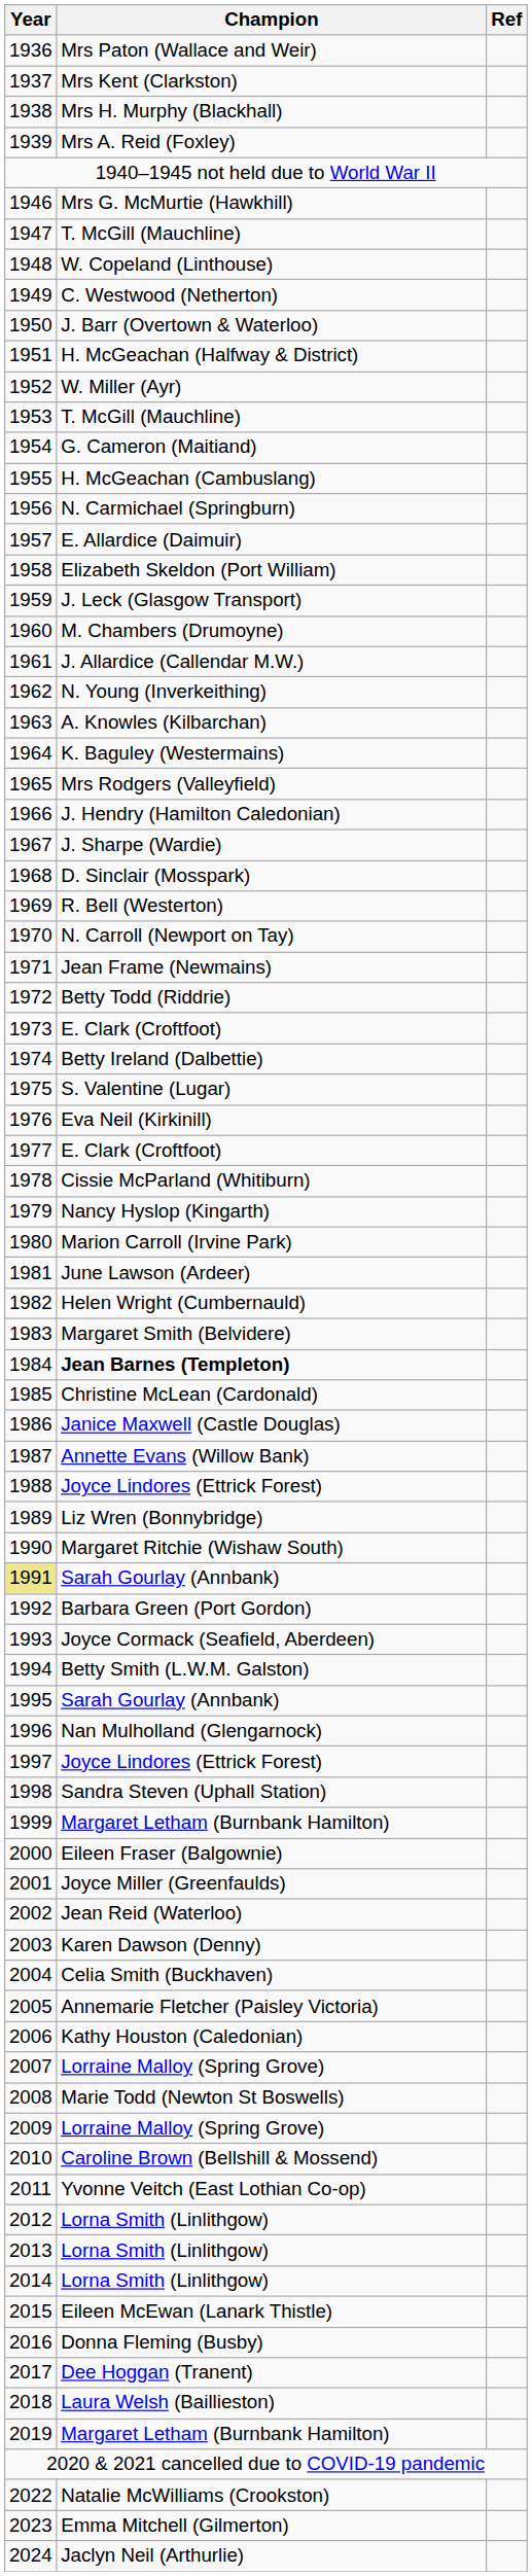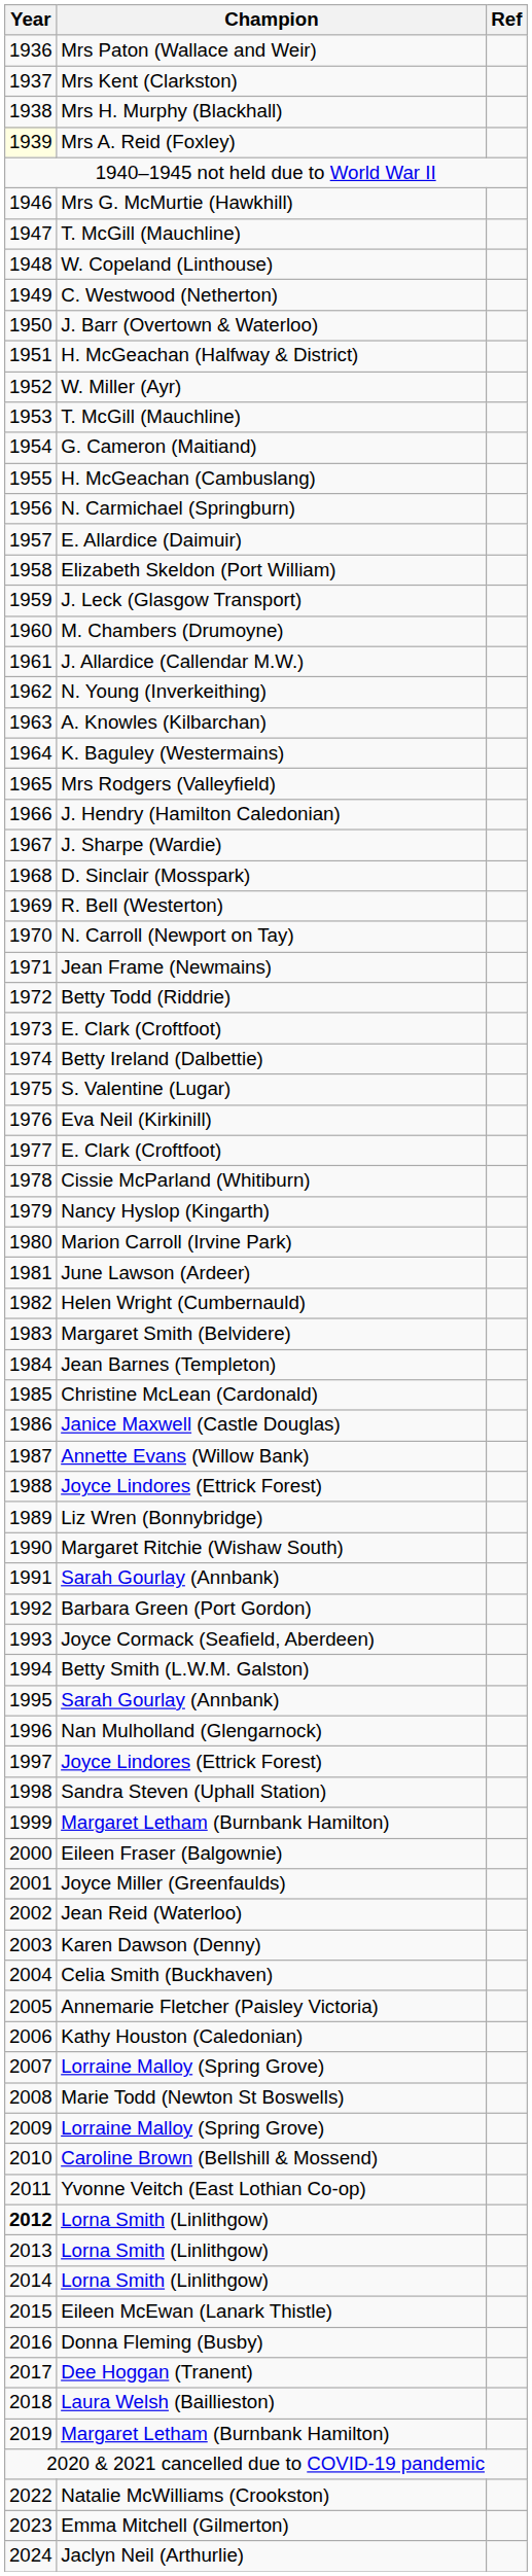 <table class="wikitable">
 <tr>
 <th width="30">Year</th>
 <th width="350">Champion</th>
 <th width="20">Ref</th>
 </tr>
 <tr>
 <td align=center>1936</td>
 <td>Mrs Paton (Wallace and Weir)</td>
 <td></td>
 </tr>
 <tr>
 <td align=center>1937</td>
 <td>Mrs Kent (Clarkston)</td>
 <td></td>
 </tr>
 <tr>
 <td align=center>1938</td>
 <td>Mrs H. Murphy (Blackhall)</td>
 <td></td>
 </tr>
 <tr>
-<td align=center>1939</td>
+<td align=center style="background: lightyellow;">1939</td>
 <td>Mrs A. Reid (Foxley)</td>
 <td></td>
 </tr>
 <tr align=center>
 <td colspan=3>1940–1945 not held due to <a href='#'>World War II</a></td>
 </tr>
 <tr>
 <td align=center>1946</td>
 <td>Mrs G. McMurtie (Hawkhill)</td>
 <td></td>
 </tr>
 <tr>
 <td align=center>1947</td>
 <td>T. McGill (Mauchline)</td>
 <td></td>
 </tr>
 <tr>
 <td align=center>1948</td>
 <td>W. Copeland (Linthouse)</td>
 <td></td>
 </tr>
 <tr>
 <td align=center>1949</td>
 <td>C. Westwood (Netherton)</td>
 <td></td>
 </tr>
 <tr>
 <td align=center>1950</td>
 <td>J. Barr (Overtown & Waterloo)</td>
 <td></td>
 </tr>
 <tr>
 <td align=center>1951</td>
 <td>H. McGeachan (Halfway & District)</td>
 <td></td>
 </tr>
 <tr>
 <td align=center>1952</td>
 <td>W. Miller (Ayr)</td>
 <td></td>
 </tr>
 <tr>
 <td align=center>1953</td>
 <td>T. McGill (Mauchline)</td>
 <td></td>
 </tr>
 <tr>
 <td align=center>1954</td>
 <td>G. Cameron (Maitiand)</td>
 <td></td>
 </tr>
 <tr>
 <td align=center>1955</td>
 <td>H. McGeachan (Cambuslang)</td>
 <td></td>
 </tr>
 <tr>
 <td align=center>1956</td>
 <td>N. Carmichael (Springburn)</td>
 <td></td>
 </tr>
 <tr>
 <td align=center>1957</td>
 <td>E. Allardice (Daimuir)</td>
 <td></td>
 </tr>
 <tr>
 <td align=center>1958</td>
 <td>Elizabeth Skeldon (Port William)</td>
 <td></td>
 </tr>
 <tr>
 <td align=center>1959</td>
 <td>J. Leck (Glasgow Transport)</td>
 <td></td>
 </tr>
 <tr>
 <td align=center>1960</td>
 <td>M. Chambers (Drumoyne)</td>
 <td></td>
 </tr>
 <tr>
 <td align=center>1961</td>
 <td>J. Allardice (Callendar M.W.)</td>
 <td></td>
 </tr>
 <tr>
 <td align=center>1962</td>
 <td>N. Young (Inverkeithing)</td>
 <td></td>
 </tr>
 <tr>
 <td align=center>1963</td>
 <td>A. Knowles (Kilbarchan)</td>
 <td></td>
 </tr>
 <tr>
 <td align=center>1964</td>
 <td>K. Baguley (Westermains)</td>
 <td></td>
 </tr>
 <tr>
 <td align=center>1965</td>
 <td>Mrs Rodgers (Valleyfield)</td>
 <td></td>
 </tr>
 <tr>
 <td align=center>1966</td>
 <td>J. Hendry (Hamilton Caledonian)</td>
 <td></td>
 </tr>
 <tr>
 <td align=center>1967</td>
 <td>J. Sharpe (Wardie)</td>
 <td></td>
 </tr>
 <tr>
 <td align=center>1968</td>
 <td>D. Sinclair (Mosspark)</td>
 <td></td>
 </tr>
 <tr>
 <td align=center>1969</td>
 <td>R. Bell (Westerton)</td>
 <td></td>
 </tr>
 <tr>
 <td align=center>1970</td>
 <td>N. Carroll (Newport on Tay)</td>
 <td></td>
 </tr>
 <tr>
 <td align=center>1971</td>
 <td>Jean Frame (Newmains)</td>
 <td></td>
 </tr>
 <tr>
 <td align=center>1972</td>
 <td>Betty Todd (Riddrie)</td>
 <td></td>
 </tr>
 <tr>
 <td align=center>1973</td>
 <td>E. Clark (Croftfoot)</td>
 <td></td>
 </tr>
 <tr>
 <td align=center>1974</td>
 <td>Betty Ireland (Dalbettie)</td>
 <td></td>
 </tr>
 <tr>
 <td align=center>1975</td>
 <td>S. Valentine (Lugar)</td>
 <td></td>
 </tr>
 <tr>
 <td align=center>1976</td>
 <td>Eva Neil (Kirkinill)</td>
 <td></td>
 </tr>
 <tr>
 <td align=center>1977</td>
 <td>E. Clark (Croftfoot)</td>
 <td></td>
 </tr>
 <tr>
 <td align=center>1978</td>
 <td>Cissie McParland (Whitiburn)</td>
 <td></td>
 </tr>
 <tr>
 <td align=center>1979</td>
 <td>Nancy Hyslop (Kingarth)</td>
 <td></td>
 </tr>
 <tr>
 <td align=center>1980</td>
 <td>Marion Carroll (Irvine Park)</td>
 <td></td>
 </tr>
 <tr>
 <td align=center>1981</td>
 <td>June Lawson (Ardeer)</td>
 <td></td>
 </tr>
 <tr>
 <td align=center>1982</td>
 <td>Helen Wright (Cumbernauld)</td>
 <td></td>
 </tr>
 <tr>
 <td align=center>1983</td>
 <td>Margaret Smith (Belvidere)</td>
 <td></td>
 </tr>
 <tr>
 <td align=center>1984</td>
-<td><strong>Jean Barnes (Templeton)</strong></td>
+<td>Jean Barnes (Templeton)</td>
 <td></td>
 </tr>
 <tr>
 <td align=center>1985</td>
 <td>Christine McLean (Cardonald)</td>
 <td></td>
 </tr>
 <tr>
 <td align=center>1986</td>
 <td><a href='#'>Janice Maxwell</a> (Castle Douglas)</td>
 <td></td>
 </tr>
 <tr>
 <td align=center>1987</td>
 <td><a href='#'>Annette Evans</a> (Willow Bank)</td>
 <td></td>
 </tr>
 <tr>
 <td align=center>1988</td>
 <td><a href='#'>Joyce Lindores</a> (Ettrick Forest)</td>
 <td></td>
 </tr>
 <tr>
 <td align=center>1989</td>
 <td>Liz Wren (Bonnybridge)</td>
 <td></td>
 </tr>
 <tr>
 <td align=center>1990</td>
 <td>Margaret Ritchie (Wishaw South)</td>
 <td></td>
 </tr>
 <tr>
-<td align=center style="background: khaki;">1991</td>
+<td align=center>1991</td>
 <td><a href='#'>Sarah Gourlay</a> (Annbank)</td>
 <td></td>
 </tr>
 <tr>
 <td align=center>1992</td>
 <td>Barbara Green (Port Gordon)</td>
 <td></td>
 </tr>
 <tr>
 <td align=center>1993</td>
 <td>Joyce Cormack (Seafield, Aberdeen)</td>
 <td></td>
 </tr>
 <tr>
 <td align=center>1994</td>
 <td>Betty Smith (L.W.M. Galston)</td>
 <td></td>
 </tr>
 <tr>
 <td align=center>1995</td>
 <td><a href='#'>Sarah Gourlay</a> (Annbank)</td>
 <td></td>
 </tr>
 <tr>
 <td align=center>1996</td>
 <td>Nan Mulholland (Glengarnock)</td>
 <td></td>
 </tr>
 <tr>
 <td align=center>1997</td>
 <td><a href='#'>Joyce Lindores</a> (Ettrick Forest)</td>
 <td></td>
 </tr>
 <tr>
 <td align=center>1998</td>
 <td>Sandra Steven (Uphall Station)</td>
 <td></td>
 </tr>
 <tr>
 <td align=center>1999</td>
 <td><a href='#'>Margaret Letham</a> (Burnbank Hamilton)</td>
 <td></td>
 </tr>
 <tr>
 <td align=center>2000</td>
 <td>Eileen Fraser (Balgownie)</td>
 <td></td>
 </tr>
 <tr>
 <td align=center>2001</td>
 <td>Joyce Miller (Greenfaulds)</td>
 <td></td>
 </tr>
 <tr>
 <td align=center>2002</td>
 <td>Jean Reid (Waterloo)</td>
 <td></td>
 </tr>
 <tr>
 <td align=center>2003</td>
 <td>Karen Dawson (Denny)</td>
 <td></td>
 </tr>
 <tr>
 <td align=center>2004</td>
 <td>Celia Smith (Buckhaven)</td>
 <td></td>
 </tr>
 <tr>
 <td align=center>2005</td>
 <td>Annemarie Fletcher (Paisley Victoria)</td>
 <td></td>
 </tr>
 <tr>
 <td align=center>2006</td>
 <td>Kathy Houston (Caledonian)</td>
 <td></td>
 </tr>
 <tr>
 <td align=center>2007</td>
 <td><a href='#'>Lorraine Malloy</a> (Spring Grove)</td>
 <td></td>
 </tr>
 <tr>
 <td align=center>2008</td>
 <td>Marie Todd (Newton St Boswells)</td>
 <td></td>
 </tr>
 <tr>
 <td align=center>2009</td>
 <td><a href='#'>Lorraine Malloy</a> (Spring Grove)</td>
 <td></td>
 </tr>
 <tr>
 <td align=center>2010</td>
 <td><a href='#'>Caroline Brown</a> (Bellshill & Mossend)</td>
 <td></td>
 </tr>
 <tr>
 <td align=center>2011</td>
 <td>Yvonne Veitch (East Lothian Co-op)</td>
 <td></td>
 </tr>
 <tr>
-<td align=center>2012</td>
+<td align=center><strong>2012</strong></td>
 <td><a href='#'>Lorna Smith</a> (Linlithgow)</td>
 <td></td>
 </tr>
 <tr>
 <td align=center>2013</td>
 <td><a href='#'>Lorna Smith</a> (Linlithgow)</td>
 <td></td>
 </tr>
 <tr>
 <td align=center>2014</td>
 <td><a href='#'>Lorna Smith</a> (Linlithgow)</td>
 <td></td>
 </tr>
 <tr>
 <td align=center>2015</td>
 <td>Eileen McEwan (Lanark Thistle)</td>
 <td></td>
 </tr>
 <tr>
 <td align=center>2016</td>
 <td>Donna Fleming (Busby)</td>
 <td></td>
 </tr>
 <tr>
 <td align=center>2017</td>
 <td><a href='#'>Dee Hoggan</a> (Tranent)</td>
 <td></td>
 </tr>
 <tr>
 <td align=center>2018</td>
 <td><a href='#'>Laura Welsh</a> (Baillieston)</td>
 <td></td>
 </tr>
 <tr>
 <td align=center>2019</td>
 <td><a href='#'>Margaret Letham</a> (Burnbank Hamilton)</td>
 <td></td>
 </tr>
 <tr align=center>
 <td colspan=3>2020 & 2021 cancelled due to  <a href='#'>COVID-19 pandemic</a></td>
 </tr>
 <tr>
 <td align=center>2022</td>
 <td>Natalie McWilliams (Crookston)</td>
 <td></td>
 </tr>
 <tr>
 <td align=center>2023</td>
 <td>Emma Mitchell (Gilmerton)</td>
 <td></td>
 </tr>
 <tr>
 <td align=center>2024</td>
 <td>Jaclyn Neil (Arthurlie)</td>
 <td></td>
 </tr>
 </table>
